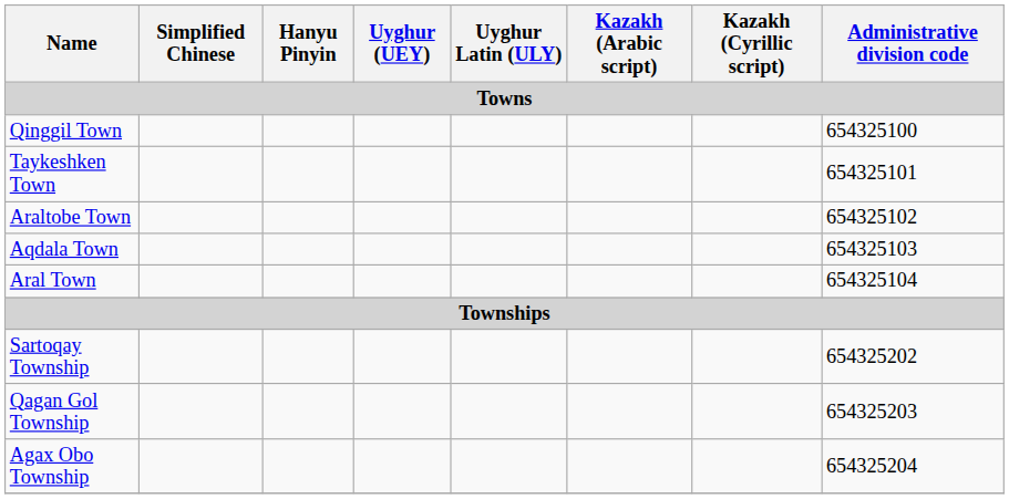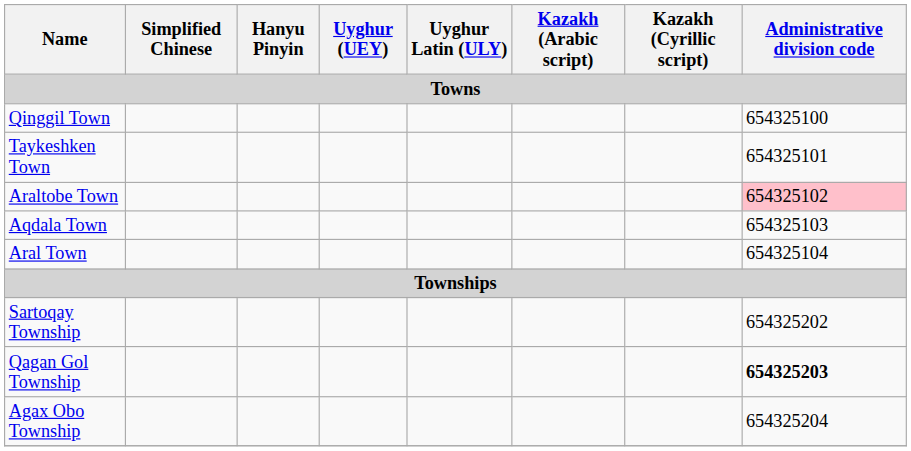 <table class="wikitable" align="center" style="width:50%; border="1">
 <tr>
 <th>Name</th>
 <th>Simplified Chinese</th>
 <th>Hanyu Pinyin</th>
 <th><a href='#'>Uyghur</a> (<a href='#'>UEY</a>)</th>
 <th>Uyghur Latin (<a href='#'>ULY</a>)</th>
 <th><a href='#'>Kazakh</a> (Arabic script)</th>
 <th>Kazakh (Cyrillic script)</th>
 <th><a href='#'>Administrative division code</a></th>
 </tr>
 <tr>
 <td colspan="9"  style="text-align:center; background:#d3d3d3;"><strong>Towns</strong></td>
 </tr>
 <tr --------->
 <td><a href='#'>Qinggil Town</a></td>
 <td></td>
 <td></td>
 <td></td>
 <td></td>
 <td></td>
 <td></td>
 <td>654325100</td>
 </tr>
 <tr>
 <td><a href='#'>Taykeshken Town</a></td>
 <td></td>
 <td></td>
 <td></td>
 <td></td>
 <td></td>
 <td></td>
 <td>654325101</td>
 </tr>
 <tr>
 <td><a href='#'>Araltobe Town</a></td>
 <td></td>
 <td></td>
 <td></td>
 <td></td>
 <td></td>
 <td></td>
-<td>654325102</td>
+<td style="background: pink;">654325102</td>
 </tr>
 <tr>
 <td><a href='#'>Aqdala Town</a></td>
 <td></td>
 <td></td>
 <td></td>
 <td></td>
 <td></td>
 <td></td>
 <td>654325103</td>
 </tr>
 <tr>
 <td><a href='#'>Aral Town</a></td>
 <td></td>
 <td></td>
 <td></td>
 <td></td>
 <td></td>
 <td></td>
 <td>654325104</td>
 </tr>
 <tr>
 <td colspan="9"  style="text-align:center; background:#d3d3d3;"><strong>Townships</strong></td>
 </tr>
 <tr --------->
 <td><a href='#'>Sartoqay Township</a></td>
 <td></td>
 <td></td>
 <td></td>
 <td></td>
 <td></td>
 <td></td>
 <td>654325202</td>
 </tr>
 <tr>
 <td><a href='#'>Qagan Gol Township</a></td>
 <td></td>
 <td></td>
 <td></td>
 <td></td>
 <td></td>
 <td></td>
-<td>654325203</td>
+<td><strong>654325203</strong></td>
 </tr>
 <tr>
 <td><a href='#'>Agax Obo Township</a></td>
 <td></td>
 <td></td>
 <td></td>
 <td></td>
 <td></td>
 <td></td>
 <td>654325204</td>
 </tr>
 <tr>
 </tr>
 </table>
